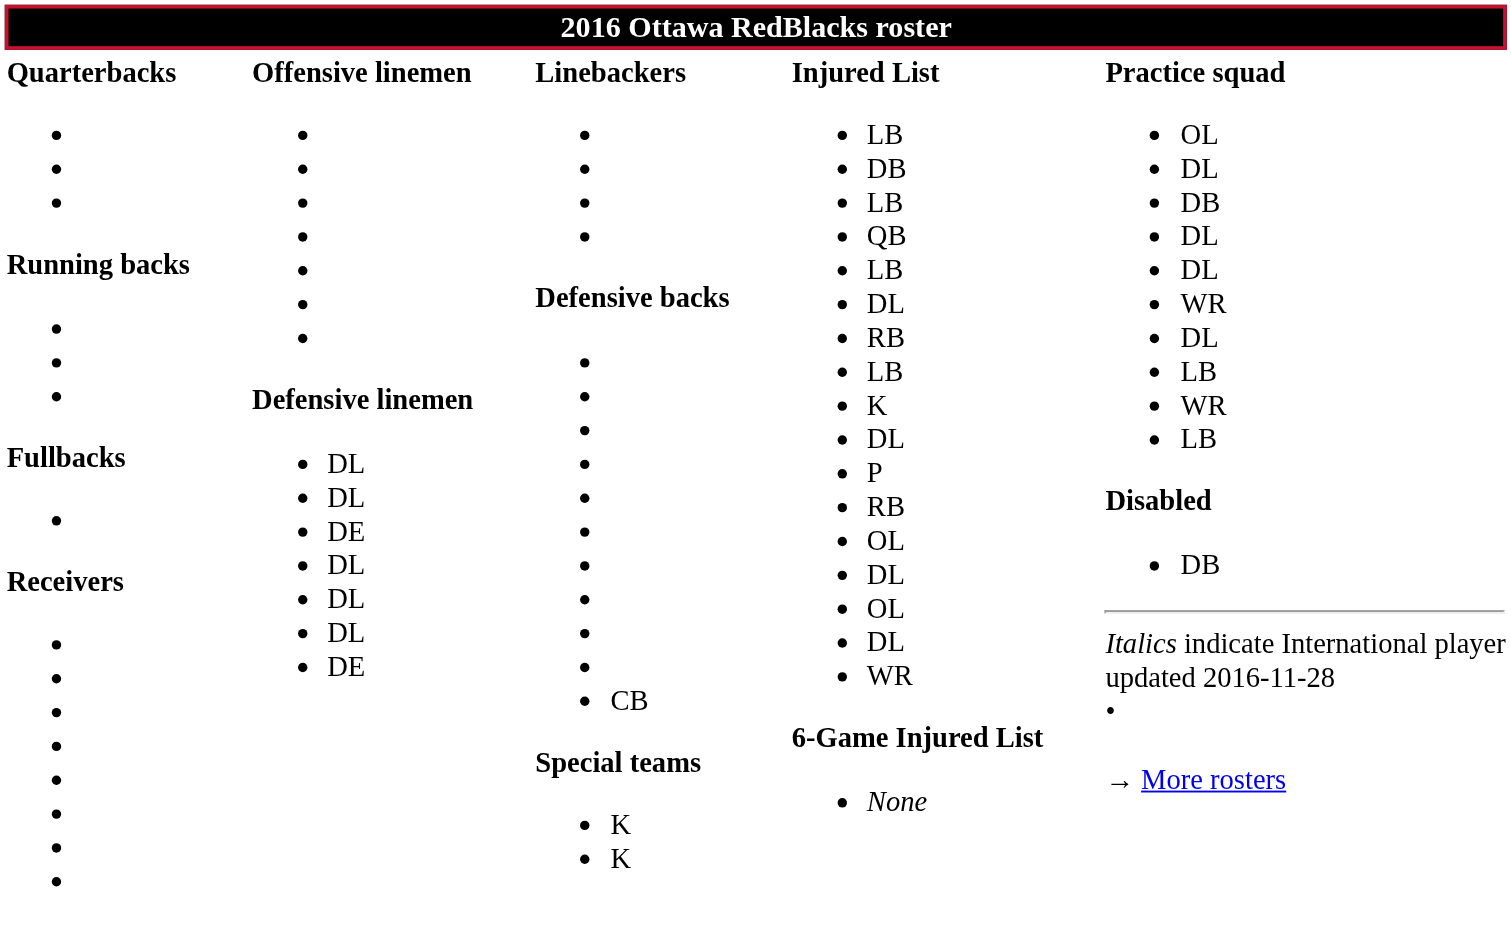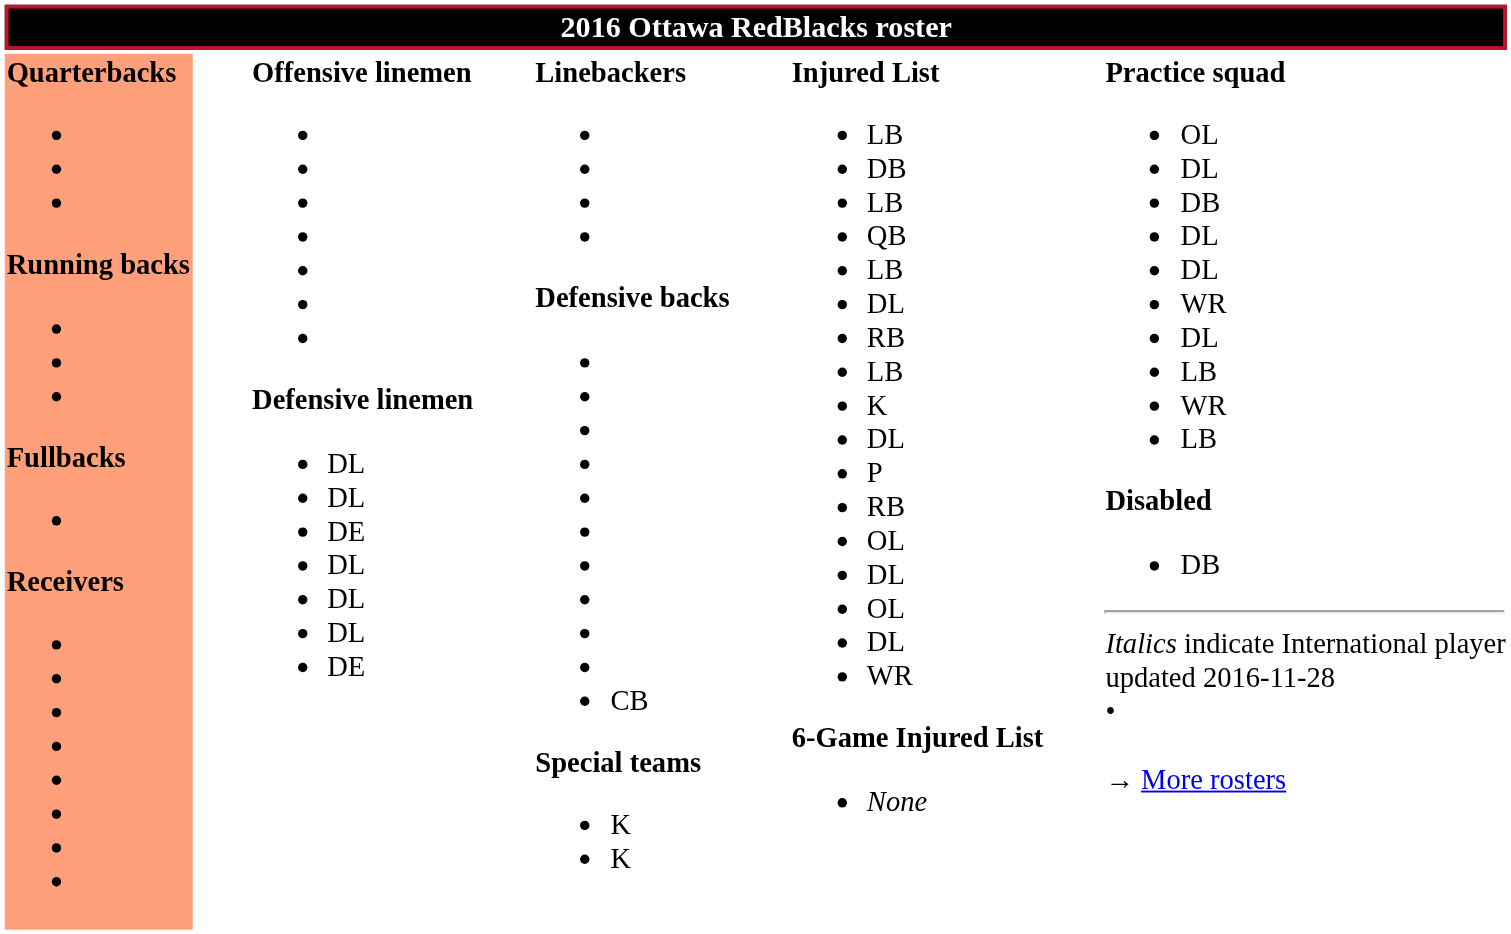 <table class="toccolours" style="text-align: left;">
 <tr>
 <th colspan=9 style="background:#000000; border: 2px solid #C51230; color:#FFFFFF; text-align:center;"><strong>2016 Ottawa RedBlacks roster</strong></th>
 </tr>
 <tr>
-<td style="font-size: 95%;vertical-align:top;"><strong>Quarterbacks</strong><br><ul><li></li><li></li><li></li></ul><strong>Running backs</strong><ul><li></li><li></li><li></li></ul><strong>Fullbacks</strong><ul><li></li></ul><strong>Receivers</strong><ul><li></li><li></li><li></li><li></li><li></li><li></li><li></li><li></li></ul></td>
+<td style="background: lightsalmon; font-size: 95%;vertical-align:top;"><strong>Quarterbacks</strong><br><ul><li></li><li></li><li></li></ul><strong>Running backs</strong><ul><li></li><li></li><li></li></ul><strong>Fullbacks</strong><ul><li></li></ul><strong>Receivers</strong><ul><li></li><li></li><li></li><li></li><li></li><li></li><li></li><li></li></ul></td>
 <td style="width: 25px;"></td>
 <td style="font-size: 95%;vertical-align:top;"><strong>Offensive linemen</strong><br><ul><li></li><li></li><li></li><li></li><li></li><li></li><li></li></ul><strong>Defensive linemen</strong><ul><li> DL</li><li> DL</li><li> DE</li><li> DL</li><li> DL</li><li> DL</li><li> DE</li></ul></td>
 <td style="width: 25px;"></td>
 <td style="font-size: 95%;vertical-align:top;"><strong>Linebackers </strong><br><ul><li></li><li></li><li></li><li></li></ul><strong>Defensive backs</strong><ul><li></li><li></li><li></li><li></li><li></li><li></li><li></li><li></li><li></li><li></li><li> CB</li></ul><strong>Special teams</strong><ul><li> K</li><li> K</li></ul></td>
 <td style="width: 25px;"></td>
 <td style="font-size: 95%;vertical-align:top;"><strong>Injured List</strong><br><ul><li>  LB</li><li> DB</li><li> LB</li><li> QB</li><li> LB</li><li> DL</li><li> RB</li><li> LB</li><li> K</li><li> DL</li><li> P</li><li> RB</li><li> OL</li><li> DL</li><li> OL</li><li> DL</li><li> WR</li></ul><strong>6-Game Injured List</strong><ul><li><em>None</em></li></ul></td>
 <td style="width: 25px;"></td>
 <td style="font-size: 95%;vertical-align:top;"><strong>Practice squad</strong><br><ul><li> OL</li><li> DL</li><li> DB</li><li> DL</li><li> DL</li><li> WR</li><li> DL</li><li> LB</li><li> WR</li><li> LB</li></ul><strong>Disabled</strong><ul><li> DB</li></ul><hr> <em>Italics</em> indicate International player<br> <span></span> updated 2016-11-28<br> <span></span> • <span></span><br> <br>→ <a href='#'>More rosters</a></td>
 </tr>
 <tr>
 </tr>
 </table>
